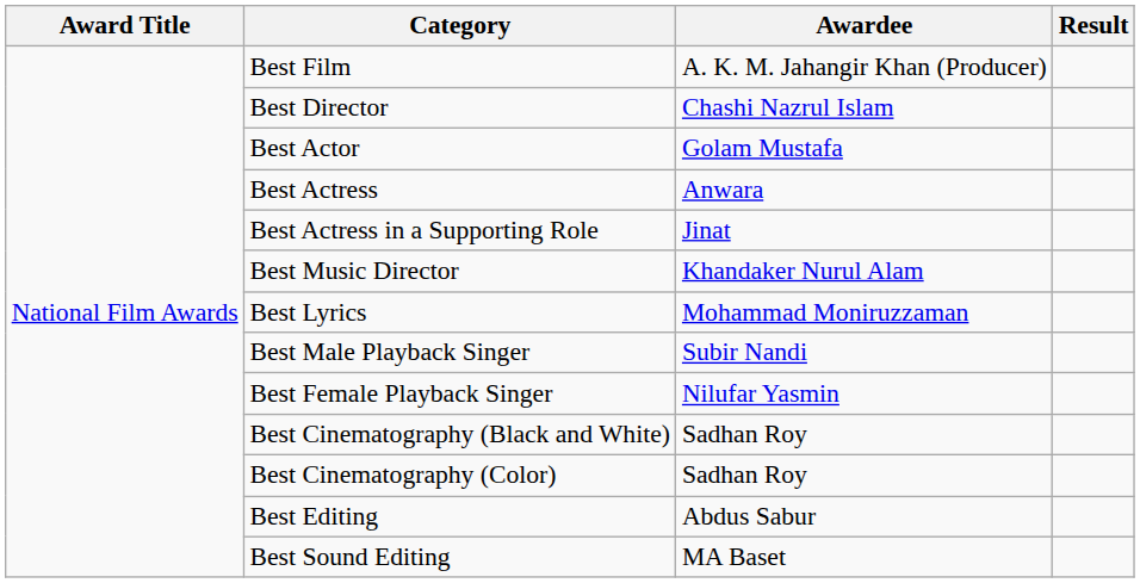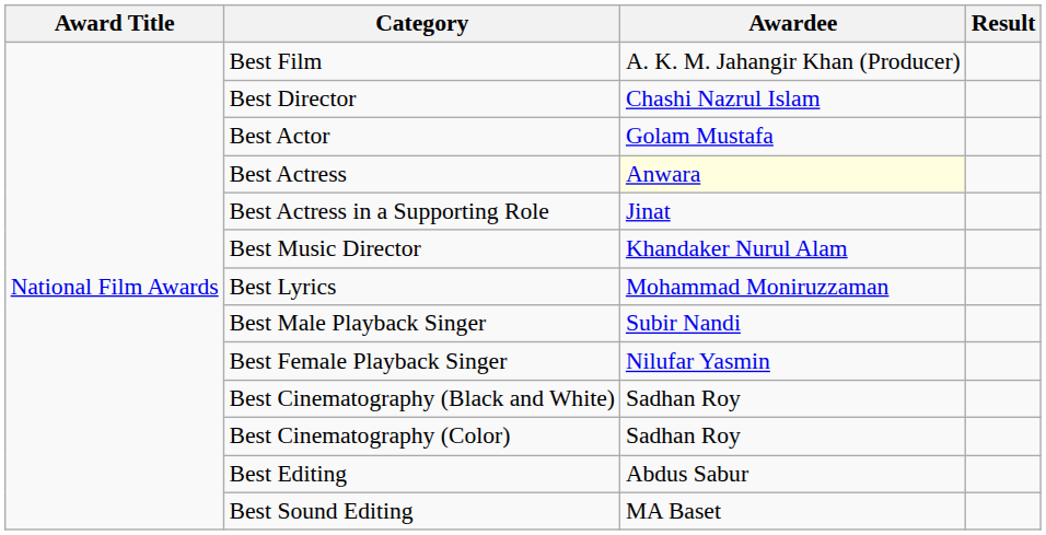 <table class="wikitable">
 <tr>
 <th>Award Title</th>
 <th>Category</th>
 <th>Awardee</th>
 <th>Result</th>
 </tr>
 <tr>
 <td rowspan="13"><a href='#'>National Film Awards</a></td>
 <td>Best Film</td>
 <td>A. K. M. Jahangir Khan (Producer)</td>
 <td></td>
 </tr>
 <tr>
 <td>Best Director</td>
 <td><a href='#'>Chashi Nazrul Islam</a></td>
 <td></td>
 </tr>
 <tr>
 <td>Best Actor</td>
 <td><a href='#'>Golam Mustafa</a></td>
 <td></td>
 </tr>
 <tr>
 <td>Best Actress</td>
-<td><a href='#'>Anwara</a></td>
+<td style="background: lightyellow;"><a href='#'>Anwara</a></td>
 <td></td>
 </tr>
 <tr>
 <td>Best Actress in a Supporting Role</td>
 <td><a href='#'>Jinat</a></td>
 <td></td>
 </tr>
 <tr>
 <td>Best Music Director</td>
 <td><a href='#'>Khandaker Nurul Alam</a></td>
 <td></td>
 </tr>
 <tr>
 <td>Best Lyrics</td>
 <td><a href='#'>Mohammad Moniruzzaman</a></td>
 <td></td>
 </tr>
 <tr>
 <td>Best Male Playback Singer</td>
 <td><a href='#'>Subir Nandi</a></td>
 <td></td>
 </tr>
 <tr>
 <td>Best Female Playback Singer</td>
 <td><a href='#'>Nilufar Yasmin</a></td>
 <td></td>
 </tr>
 <tr>
 <td>Best Cinematography (Black and White)</td>
 <td>Sadhan Roy</td>
 <td></td>
 </tr>
 <tr>
 <td>Best Cinematography (Color)</td>
 <td>Sadhan Roy</td>
 <td></td>
 </tr>
 <tr>
 <td>Best Editing</td>
 <td>Abdus Sabur</td>
 <td></td>
 </tr>
 <tr>
 <td>Best Sound Editing</td>
 <td>MA Baset</td>
 <td></td>
 </tr>
 </table>
